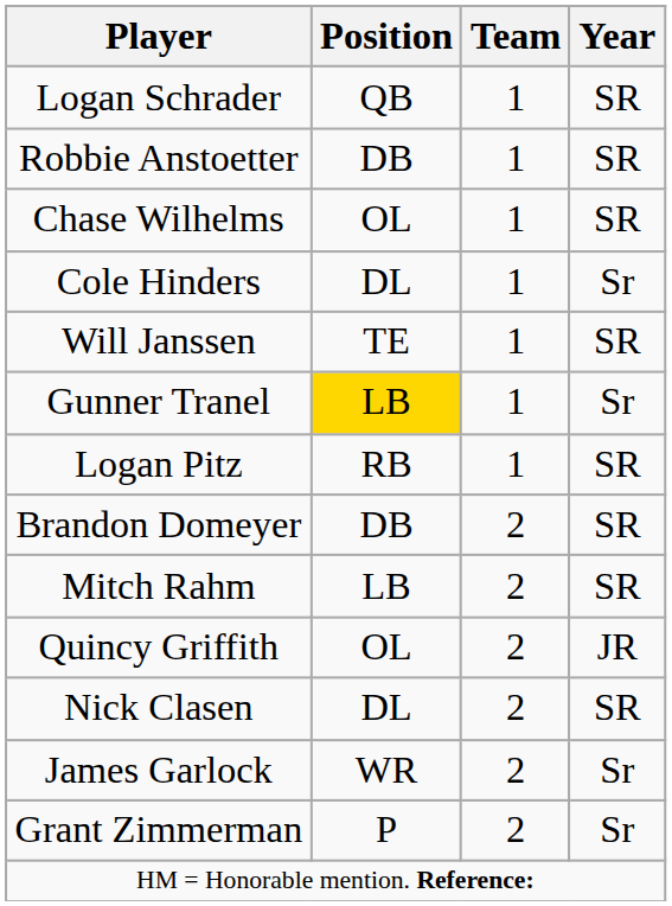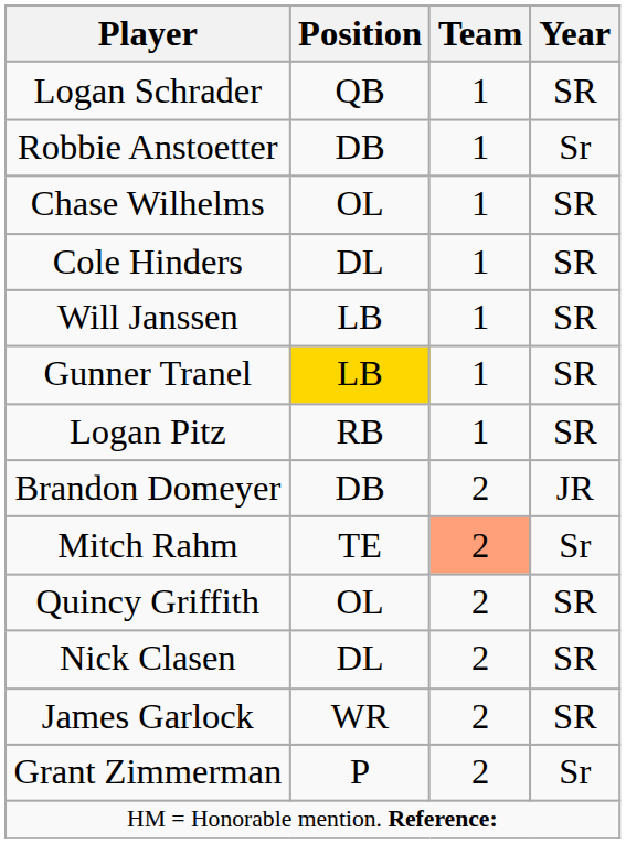 <table class="wikitable sortable sortable" style="text-align: center">
 <tr align=center>
 <th>Player</th>
 <th>Position</th>
 <th>Team</th>
 <th>Year</th>
 </tr>
 <tr>
 <td>Logan Schrader</td>
 <td>QB</td>
 <td>1</td>
 <td>SR</td>
 </tr>
 <tr>
 <td>Robbie Anstoetter</td>
 <td>DB</td>
 <td>1</td>
-<td>SR</td>
+<td>Sr</td>
 </tr>
 <tr>
 <td>Chase Wilhelms</td>
 <td>OL</td>
 <td>1</td>
 <td>SR</td>
 </tr>
 <tr>
 <td>Cole Hinders</td>
 <td>DL</td>
 <td>1</td>
-<td>Sr</td>
+<td>SR</td>
 </tr>
 <tr>
 <td>Will Janssen</td>
-<td>TE</td>
+<td>LB</td>
 <td>1</td>
 <td>SR</td>
 </tr>
 <tr>
 <td>Gunner Tranel</td>
 <td style="background: gold;">LB</td>
 <td>1</td>
-<td>Sr</td>
+<td>SR</td>
 </tr>
 <tr>
 <td>Logan Pitz</td>
 <td>RB</td>
 <td>1</td>
 <td>SR</td>
 </tr>
 <tr>
 <td>Brandon Domeyer</td>
 <td>DB</td>
 <td>2</td>
-<td>SR</td>
+<td>JR</td>
 </tr>
 <tr>
 <td>Mitch Rahm</td>
-<td>LB</td>
-<td>2</td>
-<td>SR</td>
+<td>TE</td>
+<td style="background: lightsalmon;">2</td>
+<td>Sr</td>
 </tr>
 <tr>
 <td>Quincy Griffith</td>
 <td>OL</td>
 <td>2</td>
-<td>JR</td>
+<td>SR</td>
 </tr>
 <tr>
 <td>Nick Clasen</td>
 <td>DL</td>
 <td>2</td>
 <td>SR</td>
 </tr>
 <tr>
 <td>James Garlock</td>
 <td>WR</td>
 <td>2</td>
-<td>Sr</td>
+<td>SR</td>
 </tr>
 <tr>
 <td>Grant Zimmerman</td>
 <td>P</td>
 <td>2</td>
 <td>Sr</td>
 </tr>
 <tr class="sortbottom">
 <td colspan="4"  style="font-size:8pt; text-align:center;">HM = Honorable mention. <strong>Reference:</strong></td>
 </tr>
 </table>
